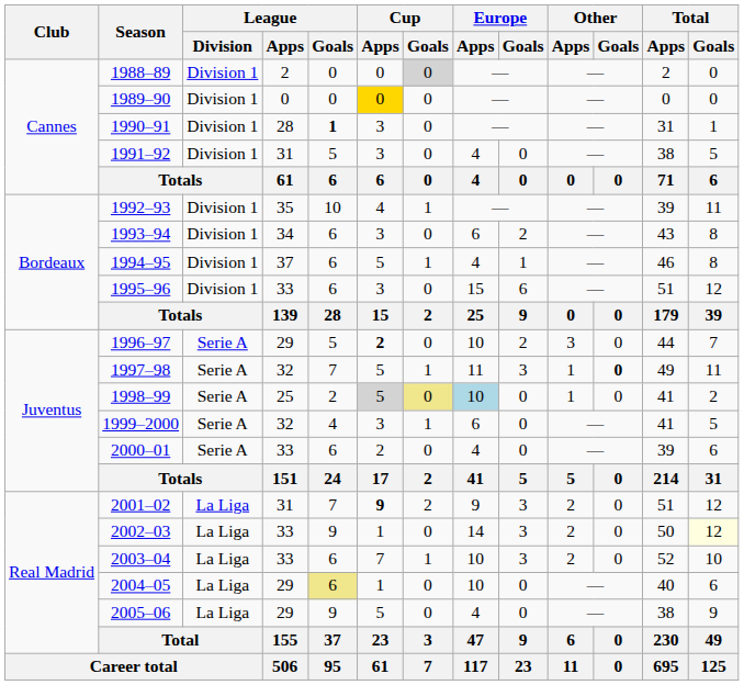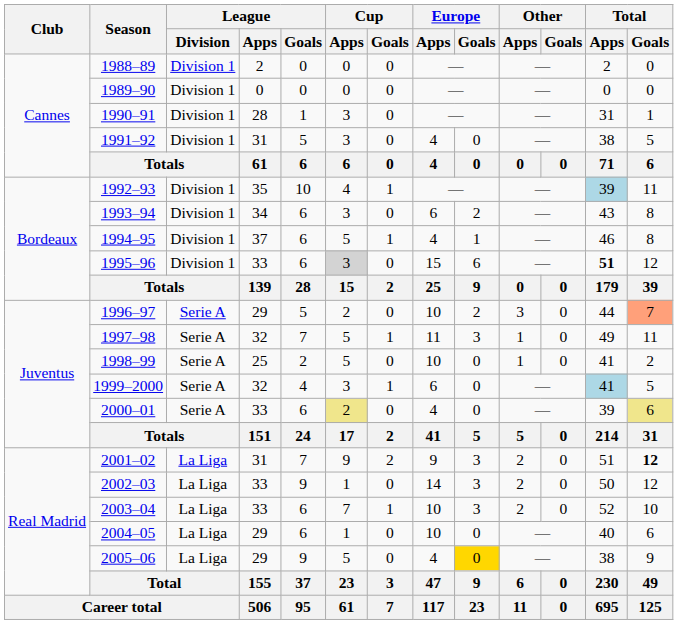 <table class="wikitable" Style="text-align: center">
 <tr>
 <th rowspan="2">Club</th>
 <th rowspan="2">Season</th>
 <th colspan="3">League</th>
 <th colspan="2">Cup</th>
 <th colspan="2"><a href='#'>Europe</a></th>
 <th colspan="2">Other</th>
 <th colspan="2">Total</th>
 </tr>
 <tr>
 <th>Division</th>
 <th>Apps</th>
 <th>Goals</th>
 <th>Apps</th>
 <th>Goals</th>
 <th>Apps</th>
 <th>Goals</th>
 <th>Apps</th>
 <th>Goals</th>
 <th>Apps</th>
 <th>Goals</th>
 </tr>
 <tr>
 <td rowspan="5"><a href='#'>Cannes</a></td>
 <td><a href='#'>1988–89</a></td>
 <td><a href='#'>Division 1</a></td>
 <td>2</td>
 <td>0</td>
 <td>0</td>
-<td style="background: lightgrey;">0</td>
+<td>0</td>
 <td colspan="2">—</td>
 <td colspan="2">—</td>
 <td>2</td>
 <td>0</td>
 </tr>
 <tr>
 <td><a href='#'>1989–90</a></td>
 <td>Division 1</td>
 <td>0</td>
 <td>0</td>
-<td style="background: gold;">0</td>
+<td>0</td>
 <td>0</td>
 <td colspan="2">—</td>
 <td colspan="2">—</td>
 <td>0</td>
 <td>0</td>
 </tr>
 <tr>
 <td><a href='#'>1990–91</a></td>
 <td>Division 1</td>
 <td>28</td>
-<td><strong>1</strong></td>
+<td>1</td>
 <td>3</td>
 <td>0</td>
 <td colspan="2">—</td>
 <td colspan="2">—</td>
 <td>31</td>
 <td>1</td>
 </tr>
 <tr>
 <td><a href='#'>1991–92</a></td>
 <td>Division 1</td>
 <td>31</td>
 <td>5</td>
 <td>3</td>
 <td>0</td>
 <td>4</td>
 <td>0</td>
 <td colspan="2">—</td>
 <td>38</td>
 <td>5</td>
 </tr>
 <tr>
 <th colspan="2">Totals</th>
 <th>61</th>
 <th>6</th>
 <th>6</th>
 <th>0</th>
 <th>4</th>
 <th>0</th>
 <th>0</th>
 <th>0</th>
 <th>71</th>
 <th>6</th>
 </tr>
 <tr>
 <td rowspan="5"><a href='#'>Bordeaux</a></td>
 <td><a href='#'>1992–93</a></td>
 <td>Division 1</td>
 <td>35</td>
 <td>10</td>
 <td>4</td>
 <td>1</td>
 <td colspan="2">—</td>
 <td colspan="2">—</td>
-<td>39</td>
+<td style="background: lightblue;">39</td>
 <td>11</td>
 </tr>
 <tr>
 <td><a href='#'>1993–94</a></td>
 <td>Division 1</td>
 <td>34</td>
 <td>6</td>
 <td>3</td>
 <td>0</td>
 <td>6</td>
 <td>2</td>
 <td colspan="2">—</td>
 <td>43</td>
 <td>8</td>
 </tr>
 <tr>
 <td><a href='#'>1994–95</a></td>
 <td>Division 1</td>
 <td>37</td>
 <td>6</td>
 <td>5</td>
 <td>1</td>
 <td>4</td>
 <td>1</td>
 <td colspan="2">—</td>
 <td>46</td>
 <td>8</td>
 </tr>
 <tr>
 <td><a href='#'>1995–96</a></td>
 <td>Division 1</td>
 <td>33</td>
 <td>6</td>
-<td>3</td>
+<td style="background: lightgrey;">3</td>
 <td>0</td>
 <td>15</td>
 <td>6</td>
 <td colspan="2">—</td>
-<td>51</td>
+<td><strong>51</strong></td>
 <td>12</td>
 </tr>
 <tr>
 <th colspan="2">Totals</th>
 <th>139</th>
 <th>28</th>
 <th>15</th>
 <th>2</th>
 <th>25</th>
 <th>9</th>
 <th>0</th>
 <th>0</th>
 <th>179</th>
 <th>39</th>
 </tr>
 <tr>
 <td rowspan="6"><a href='#'>Juventus</a></td>
 <td><a href='#'>1996–97</a></td>
 <td><a href='#'>Serie A</a></td>
 <td>29</td>
 <td>5</td>
-<td><strong>2</strong></td>
+<td>2</td>
 <td>0</td>
 <td>10</td>
 <td>2</td>
 <td>3</td>
 <td>0</td>
 <td>44</td>
-<td>7</td>
+<td style="background: lightsalmon;">7</td>
 </tr>
 <tr>
 <td><a href='#'>1997–98</a></td>
 <td>Serie A</td>
 <td>32</td>
 <td>7</td>
 <td>5</td>
 <td>1</td>
 <td>11</td>
 <td>3</td>
 <td>1</td>
-<td><strong>0</strong></td>
+<td>0</td>
 <td>49</td>
 <td>11</td>
 </tr>
 <tr>
 <td><a href='#'>1998–99</a></td>
 <td>Serie A</td>
 <td>25</td>
 <td>2</td>
-<td style="background: lightgrey;">5</td>
-<td style="background: khaki;">0</td>
-<td style="background: lightblue;">10</td>
+<td>5</td>
+<td>0</td>
+<td>10</td>
 <td>0</td>
 <td>1</td>
 <td>0</td>
 <td>41</td>
 <td>2</td>
 </tr>
 <tr>
 <td><a href='#'>1999–2000</a></td>
 <td>Serie A</td>
 <td>32</td>
 <td>4</td>
 <td>3</td>
 <td>1</td>
 <td>6</td>
 <td>0</td>
 <td colspan="2">—</td>
-<td>41</td>
+<td style="background: lightblue;">41</td>
 <td>5</td>
 </tr>
 <tr>
 <td><a href='#'>2000–01</a></td>
 <td>Serie A</td>
 <td>33</td>
 <td>6</td>
-<td>2</td>
+<td style="background: khaki;">2</td>
 <td>0</td>
 <td>4</td>
 <td>0</td>
 <td colspan="2">—</td>
 <td>39</td>
-<td>6</td>
+<td style="background: khaki;">6</td>
 </tr>
 <tr>
 <th colspan="2">Totals</th>
 <th>151</th>
 <th>24</th>
 <th>17</th>
 <th>2</th>
 <th>41</th>
 <th>5</th>
 <th>5</th>
 <th>0</th>
 <th>214</th>
 <th>31</th>
 </tr>
 <tr>
 <td rowspan="6"><a href='#'>Real Madrid</a></td>
 <td><a href='#'>2001–02</a></td>
 <td><a href='#'>La Liga</a></td>
 <td>31</td>
 <td>7</td>
-<td><strong>9</strong></td>
+<td>9</td>
 <td>2</td>
 <td>9</td>
 <td>3</td>
 <td>2</td>
 <td>0</td>
 <td>51</td>
-<td>12</td>
+<td><strong>12</strong></td>
 </tr>
 <tr>
 <td><a href='#'>2002–03</a></td>
 <td>La Liga</td>
 <td>33</td>
 <td>9</td>
 <td>1</td>
 <td>0</td>
 <td>14</td>
 <td>3</td>
 <td>2</td>
 <td>0</td>
 <td>50</td>
-<td style="background: lightyellow;">12</td>
+<td>12</td>
 </tr>
 <tr>
 <td><a href='#'>2003–04</a></td>
 <td>La Liga</td>
 <td>33</td>
 <td>6</td>
 <td>7</td>
 <td>1</td>
 <td>10</td>
 <td>3</td>
 <td>2</td>
 <td>0</td>
 <td>52</td>
 <td>10</td>
 </tr>
 <tr>
 <td><a href='#'>2004–05</a></td>
 <td>La Liga</td>
 <td>29</td>
-<td style="background: khaki;">6</td>
+<td>6</td>
 <td>1</td>
 <td>0</td>
 <td>10</td>
 <td>0</td>
 <td colspan="2">—</td>
 <td>40</td>
 <td>6</td>
 </tr>
 <tr>
 <td><a href='#'>2005–06</a></td>
 <td>La Liga</td>
 <td>29</td>
 <td>9</td>
 <td>5</td>
 <td>0</td>
 <td>4</td>
-<td>0</td>
+<td style="background: gold;">0</td>
 <td colspan="2">—</td>
 <td>38</td>
 <td>9</td>
 </tr>
 <tr>
 <th colspan="2">Total</th>
 <th>155</th>
 <th>37</th>
 <th>23</th>
 <th>3</th>
 <th>47</th>
 <th>9</th>
 <th>6</th>
 <th>0</th>
 <th>230</th>
 <th>49</th>
 </tr>
 <tr>
 <th colspan="3">Career total</th>
 <th>506</th>
 <th>95</th>
 <th>61</th>
 <th>7</th>
 <th>117</th>
 <th>23</th>
 <th>11</th>
 <th>0</th>
 <th>695</th>
 <th>125</th>
 </tr>
 </table>
